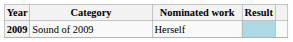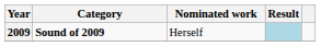 <table class="wikitable plainrowheaders" style="width:70%;">
 <tr>
 <th scope="col" style="width:4%;">Year</th>
 <th scope="col" style="width:50%;">Category</th>
 <th scope="col" style="width:35%;">Nominated work</th>
 <th scope="col" style="width:6%;">Result</th>
 <th scope="col" style="width:6%;"></th>
 </tr>
 <tr>
 <th scope="row">2009</th>
-<td>Sound of 2009</td>
+<td><strong>Sound of 2009</strong></td>
 <td>Herself</td>
 <td style="background:lightblue"></td>
 <td style="text-align:center;"></td>
 </tr>
 <tr>
 </tr>
 </table>
